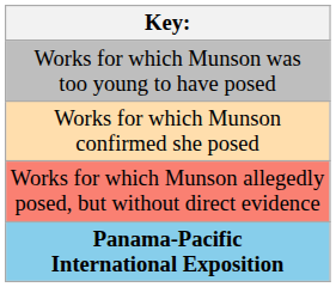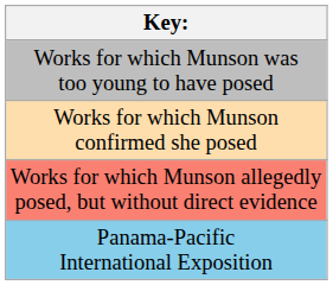 <table class="wikitable" style="text-align: center;">
 <tr>
 <th scope="col"><strong>Key:</strong></th>
 </tr>
 <tr>
 <td colspan="1" style="background:#BEBEBE">Works for which Munson was<br>too young to have posed</td>
 </tr>
 <tr>
 <td colspan="1" style="background:#FFDEAD">Works for which Munson<br>confirmed she posed</td>
 </tr>
 <tr>
 <td colspan="1" style="background:#FA8072">Works for which Munson allegedly<br>posed, but without direct evidence</td>
 </tr>
 <tr>
-<td colspan="1" style="background:#87CEEB"><strong>Panama-Pacific<br>International Exposition</strong></td>
+<td colspan="1" style="background:#87CEEB">Panama-Pacific<br>International Exposition</td>
 </tr>
 </table>
